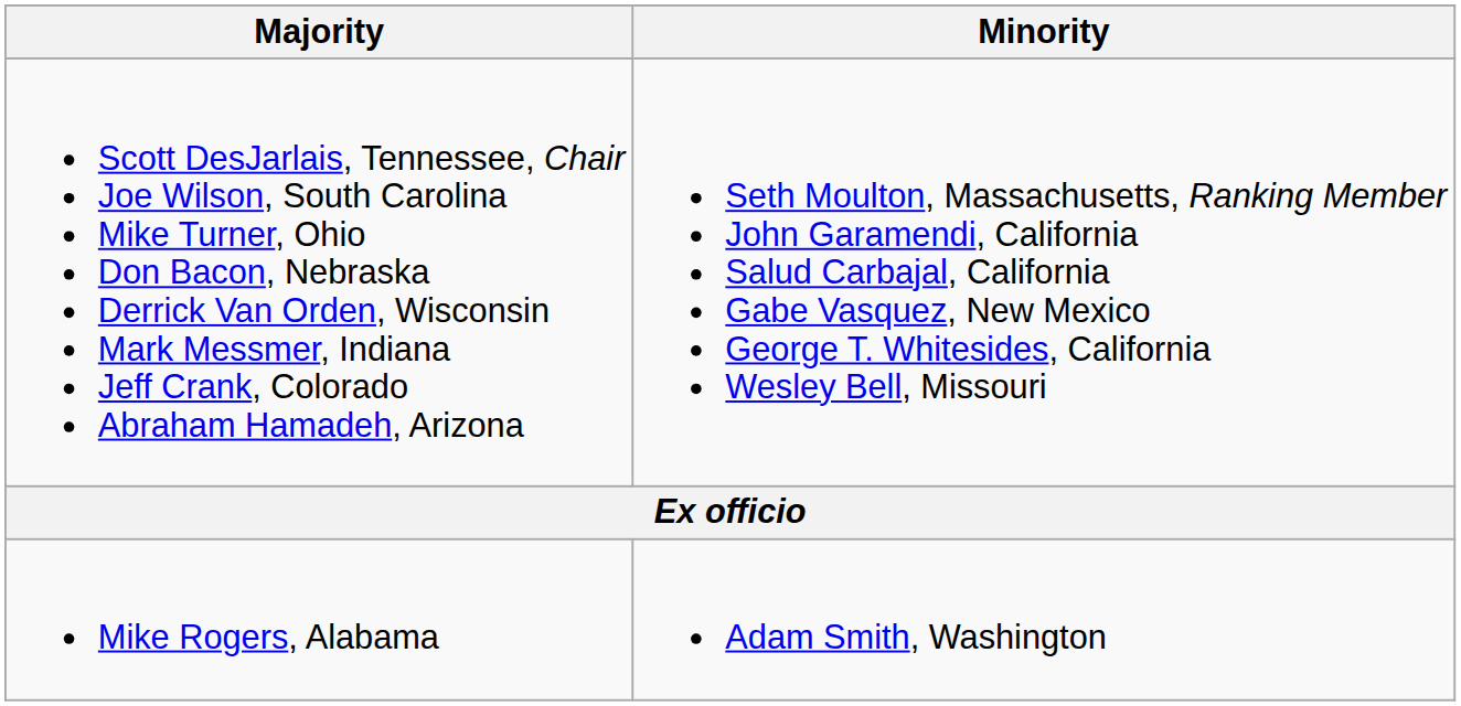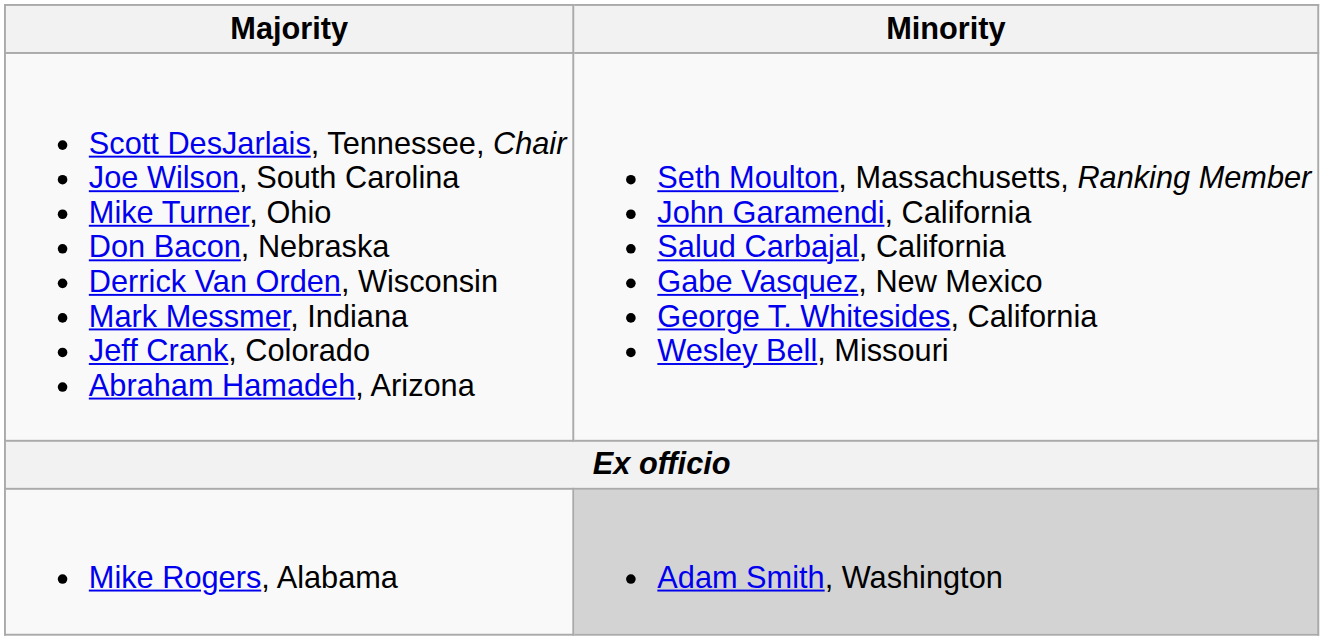 <table class=wikitable>
 <tr>
 <th>Majority</th>
 <th>Minority</th>
 </tr>
 <tr>
 <td><br><ul><li><a href='#'>Scott DesJarlais</a>, Tennessee, <em>Chair</em></li><li><a href='#'>Joe Wilson</a>, South Carolina</li><li><a href='#'>Mike Turner</a>, Ohio</li><li><a href='#'>Don Bacon</a>, Nebraska</li><li><a href='#'>Derrick Van Orden</a>, Wisconsin</li><li><a href='#'>Mark Messmer</a>, Indiana</li><li><a href='#'>Jeff Crank</a>, Colorado</li><li><a href='#'>Abraham Hamadeh</a>, Arizona</li></ul></td>
 <td><br><ul><li><a href='#'>Seth Moulton</a>, Massachusetts, <em>Ranking Member</em></li><li><a href='#'>John Garamendi</a>, California</li><li><a href='#'>Salud Carbajal</a>, California</li><li><a href='#'>Gabe Vasquez</a>, New Mexico</li><li><a href='#'>George T. Whitesides</a>, California</li><li><a href='#'>Wesley Bell</a>, Missouri</li></ul></td>
 </tr>
 <tr>
 <th colspan=2><em>Ex officio</em></th>
 </tr>
 <tr>
 <td><br><ul><li><a href='#'>Mike Rogers</a>, Alabama</li></ul></td>
-<td><br><ul><li><a href='#'>Adam Smith</a>, Washington</li></ul></td>
+<td style="background: lightgrey;"><br><ul><li><a href='#'>Adam Smith</a>, Washington</li></ul></td>
 </tr>
 </table>
